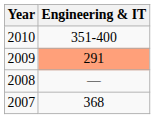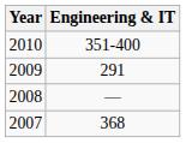 <table class="wikitable" style="text-align:center">
 <tr>
 <th>Year</th>
 <th>Engineering & IT</th>
 </tr>
 <tr>
 <td>2010</td>
 <td>351-400</td>
 </tr>
 <tr>
 <td>2009</td>
-<td style="background: lightsalmon;">291</td>
+<td>291</td>
 </tr>
 <tr>
 <td>2008</td>
 <td>—</td>
 </tr>
 <tr>
 <td>2007</td>
 <td>368</td>
 </tr>
 </table>
